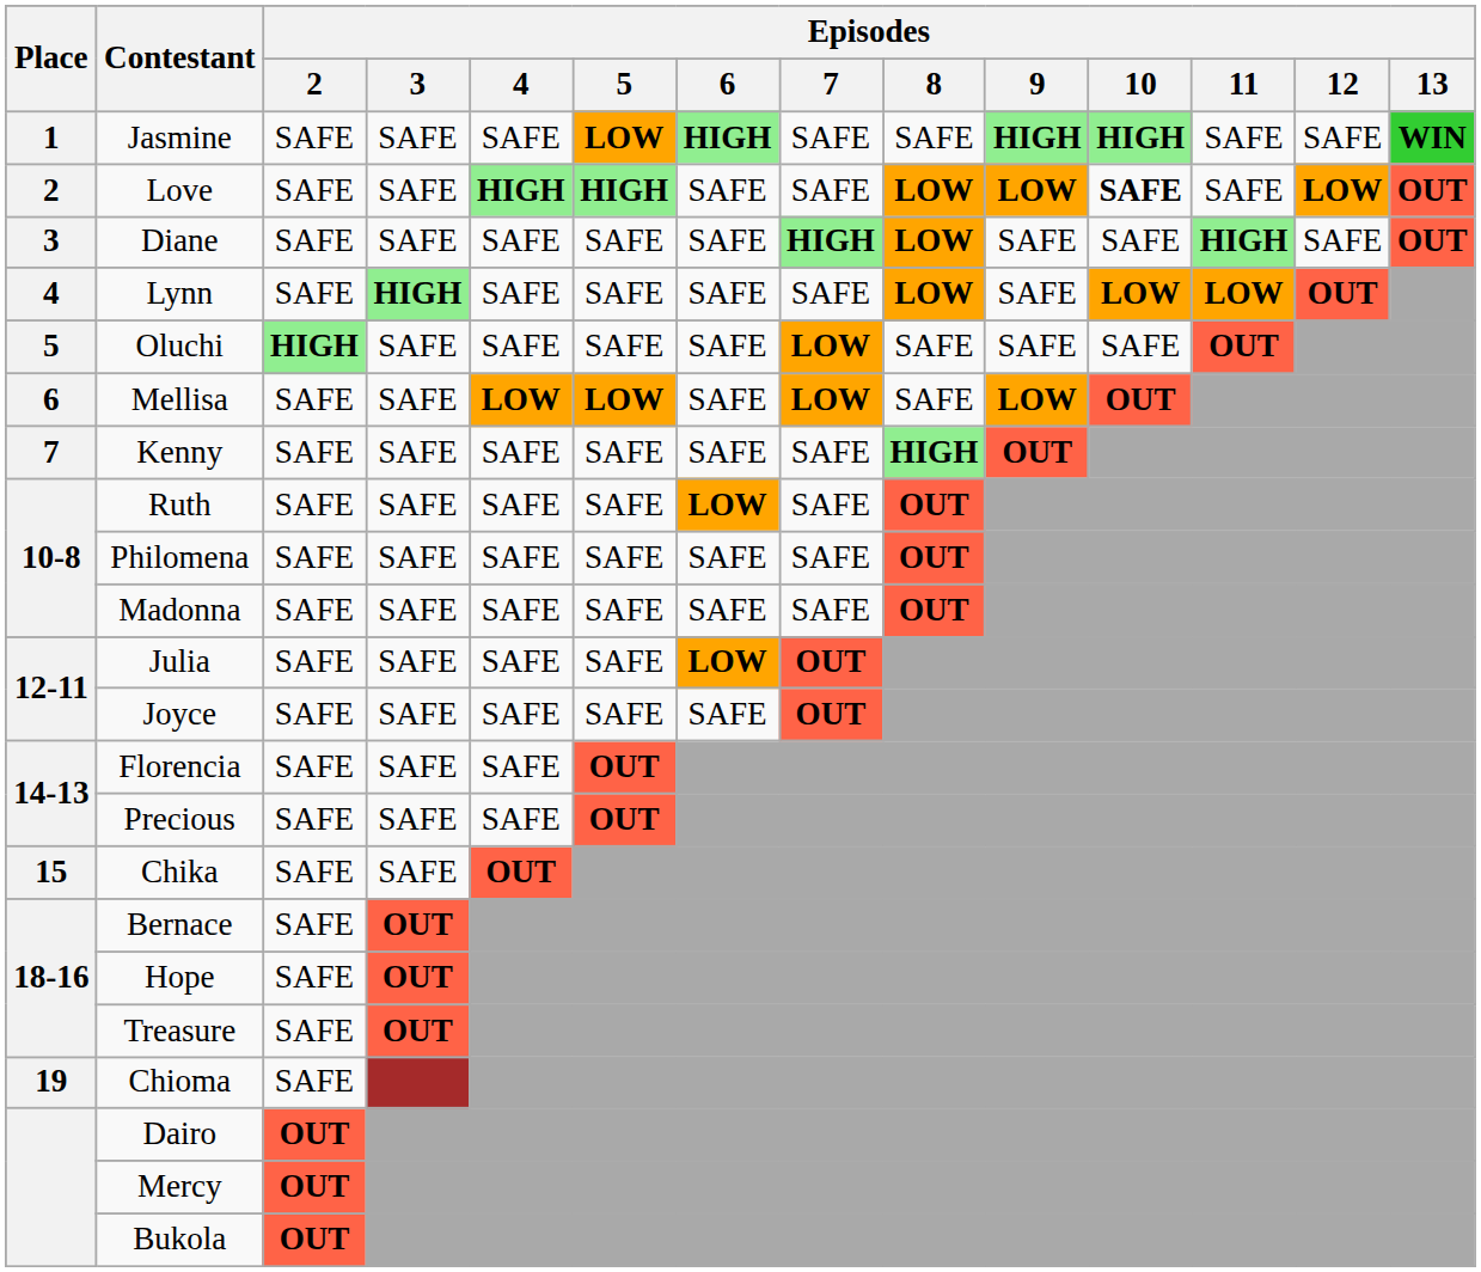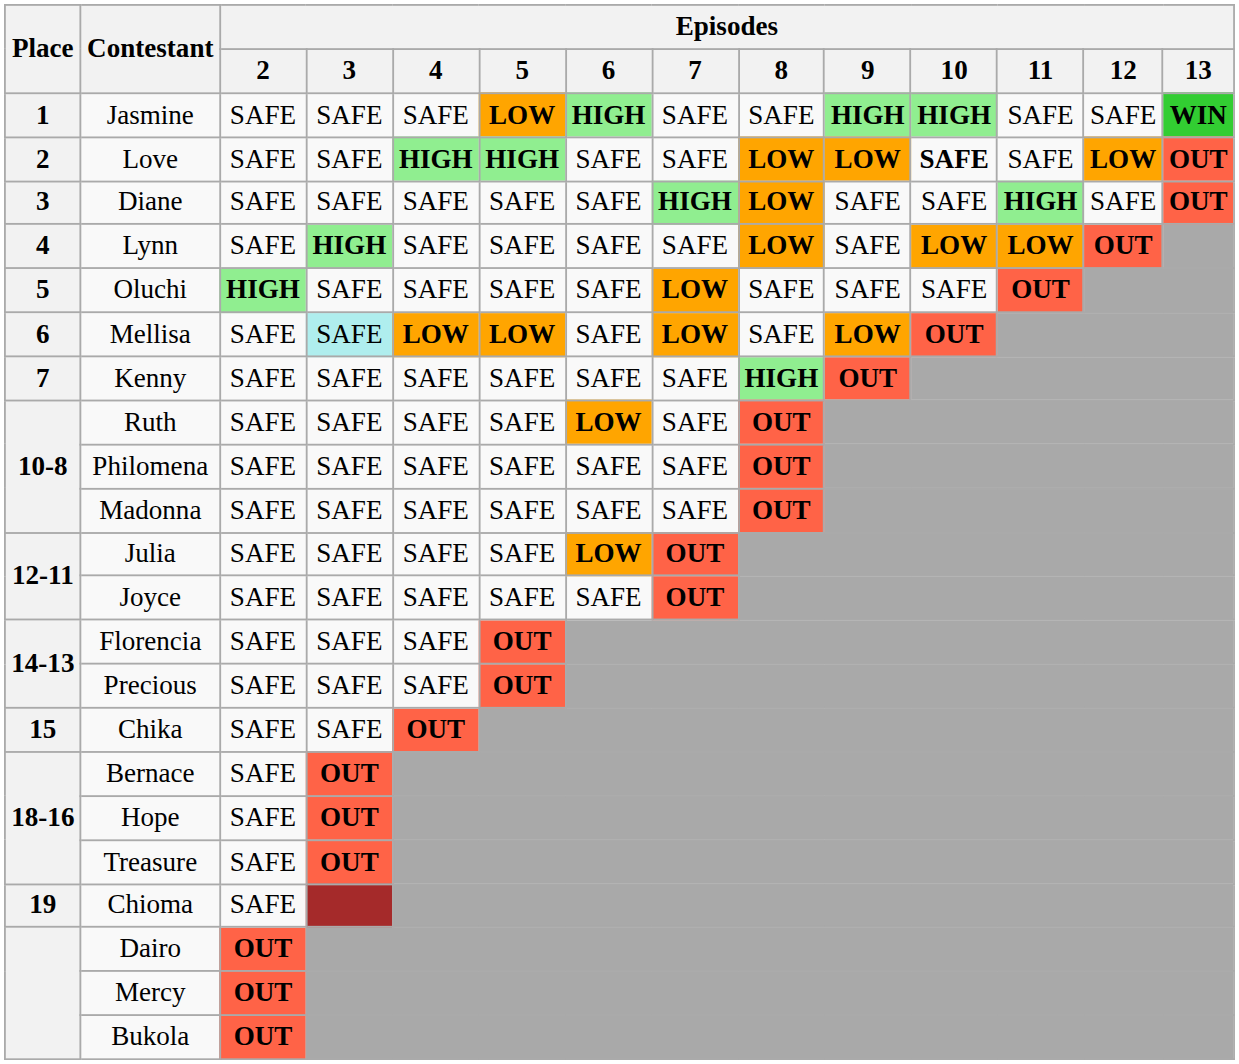 <table class="wikitable" style="text-align:center; font-size:92%">
 <tr>
 <th rowspan="2">Place</th>
 <th rowspan="2">Contestant</th>
 <th colspan="20">Episodes</th>
 </tr>
 <tr>
 <th>2</th>
 <th>3</th>
 <th>4</th>
 <th>5</th>
 <th>6</th>
 <th>7</th>
 <th>8</th>
 <th>9</th>
 <th>10</th>
 <th>11</th>
 <th>12</th>
 <th>13</th>
 </tr>
 <tr>
 <th>1</th>
 <td>Jasmine</td>
 <td>SAFE</td>
 <td>SAFE</td>
 <td>SAFE</td>
 <td style="background:orange;"><strong>LOW</strong></td>
 <td style="background:lightgreen;"><span><strong>HIGH</strong></span></td>
 <td>SAFE</td>
 <td>SAFE</td>
 <td style="background:lightgreen;"><span><strong>HIGH</strong></span></td>
 <td style="background:lightgreen;"><span><strong>HIGH</strong></span></td>
 <td>SAFE</td>
 <td>SAFE</td>
 <td style="background:limegreen;"><strong>WIN</strong></td>
 </tr>
 <tr>
 <th>2</th>
 <td>Love</td>
 <td>SAFE</td>
 <td>SAFE</td>
 <td style="background:lightgreen;"><span><strong>HIGH</strong></span></td>
 <td style="background:lightgreen;"><span><strong>HIGH</strong></span></td>
 <td>SAFE</td>
 <td>SAFE</td>
 <td style="background:orange;"><strong>LOW</strong></td>
 <td style="background:orange;"><strong>LOW</strong></td>
 <td><strong>SAFE</strong></td>
 <td>SAFE</td>
 <td style="background:orange;"><strong>LOW</strong></td>
 <td style="background:tomato;"><strong>OUT</strong></td>
 </tr>
 <tr>
 <th>3</th>
 <td>Diane</td>
 <td>SAFE</td>
 <td>SAFE</td>
 <td>SAFE</td>
 <td>SAFE</td>
 <td>SAFE</td>
 <td style="background:lightgreen;"><span><strong>HIGH</strong></span></td>
 <td style="background:orange;"><strong>LOW</strong></td>
 <td>SAFE</td>
 <td>SAFE</td>
 <td style="background:lightgreen;"><span><strong>HIGH</strong></span></td>
 <td>SAFE</td>
 <td style="background:tomato;"><strong>OUT</strong></td>
 </tr>
 <tr>
 <th>4</th>
 <td>Lynn</td>
 <td>SAFE</td>
 <td style="background:lightgreen;"><span><strong>HIGH</strong></span></td>
 <td>SAFE</td>
 <td>SAFE</td>
 <td>SAFE</td>
 <td>SAFE</td>
 <td style="background:orange;"><strong>LOW</strong></td>
 <td>SAFE</td>
 <td style="background:orange;"><strong>LOW</strong></td>
 <td style="background:orange;"><strong>LOW</strong></td>
 <td style="background:tomato;"><strong>OUT</strong></td>
 <td colspan="1" style="background:darkgrey"></td>
 </tr>
 <tr>
 <th>5</th>
 <td>Oluchi</td>
 <td style="background:lightgreen;"><span><strong>HIGH</strong></span></td>
 <td>SAFE</td>
 <td>SAFE</td>
 <td>SAFE</td>
 <td>SAFE</td>
 <td style="background:orange;"><strong>LOW</strong></td>
 <td>SAFE</td>
 <td>SAFE</td>
 <td>SAFE</td>
 <td style="background:tomato;"><strong>OUT</strong></td>
 <td colspan="2" style="background:darkgrey"></td>
 </tr>
 <tr>
 <th>6</th>
 <td>Mellisa</td>
 <td>SAFE</td>
-<td>SAFE</td>
+<td style="background: paleturquoise;">SAFE</td>
 <td style="background:orange;"><strong>LOW</strong></td>
 <td style="background:orange;"><strong>LOW</strong></td>
 <td>SAFE</td>
 <td style="background:orange;"><strong>LOW</strong></td>
 <td>SAFE</td>
 <td style="background:orange;"><strong>LOW</strong></td>
 <td style="background:tomato;"><strong>OUT</strong></td>
 <td colspan="3" style="background:darkgrey"></td>
 </tr>
 <tr>
 <th>7</th>
 <td>Kenny</td>
 <td>SAFE</td>
 <td>SAFE</td>
 <td>SAFE</td>
 <td>SAFE</td>
 <td>SAFE</td>
 <td>SAFE</td>
 <td style="background:lightgreen;"><span><strong>HIGH</strong></span></td>
 <td style="background:tomato;"><strong>OUT</strong></td>
 <td colspan="4" style="background:darkgrey"></td>
 </tr>
 <tr>
 <th rowspan=3>10-8</th>
 <td>Ruth</td>
 <td>SAFE</td>
 <td>SAFE</td>
 <td>SAFE</td>
 <td>SAFE</td>
 <td style="background:orange;"><strong>LOW</strong></td>
 <td>SAFE</td>
 <td style="background:tomato;"><strong>OUT</strong></td>
 <td colspan="5" style="background:darkgrey"></td>
 </tr>
 <tr>
 <td>Philomena</td>
 <td>SAFE</td>
 <td>SAFE</td>
 <td>SAFE</td>
 <td>SAFE</td>
 <td>SAFE</td>
 <td>SAFE</td>
 <td style="background:tomato;"><strong>OUT</strong></td>
 <td colspan="5" style="background:darkgrey"></td>
 </tr>
 <tr>
 <td>Madonna</td>
 <td>SAFE</td>
 <td>SAFE</td>
 <td>SAFE</td>
 <td>SAFE</td>
 <td>SAFE</td>
 <td>SAFE</td>
 <td style="background:tomato;"><strong>OUT</strong></td>
 <td colspan="5" style="background:darkgrey"></td>
 </tr>
 <tr>
 <th rowspan=2>12-11</th>
 <td>Julia</td>
 <td>SAFE</td>
 <td>SAFE</td>
 <td>SAFE</td>
 <td>SAFE</td>
 <td style="background:orange;"><strong>LOW</strong></td>
 <td style="background:tomato;"><strong>OUT</strong></td>
 <td colspan="6" style="background:darkgrey"></td>
 </tr>
 <tr>
 <td>Joyce</td>
 <td>SAFE</td>
 <td>SAFE</td>
 <td>SAFE</td>
 <td>SAFE</td>
 <td>SAFE</td>
 <td style="background:tomato;"><strong>OUT</strong></td>
 <td colspan="6" style="background:darkgrey"></td>
 </tr>
 <tr>
 <th rowspan=2>14-13</th>
 <td>Florencia</td>
 <td>SAFE</td>
 <td>SAFE</td>
 <td>SAFE</td>
 <td style="background:tomato;"><strong>OUT</strong></td>
 <td colspan="8" style="background:darkgrey"></td>
 </tr>
 <tr>
 <td>Precious</td>
 <td>SAFE</td>
 <td>SAFE</td>
 <td>SAFE</td>
 <td style="background:tomato;"><strong>OUT</strong></td>
 <td colspan="8" style="background:darkgrey"></td>
 </tr>
 <tr>
 <th>15</th>
 <td>Chika</td>
 <td>SAFE</td>
 <td>SAFE</td>
 <td style="background:tomato;"><strong>OUT</strong></td>
 <td colspan="9" style="background:darkgrey"></td>
 </tr>
 <tr>
 <th rowspan=3>18-16</th>
 <td>Bernace</td>
 <td>SAFE</td>
 <td style="background:tomato;"><strong>OUT</strong></td>
 <td colspan="10" style="background:darkgrey"></td>
 </tr>
 <tr>
 <td>Hope</td>
 <td>SAFE</td>
 <td style="background:tomato;"><strong>OUT</strong></td>
 <td colspan="10" style="background:darkgrey"></td>
 </tr>
 <tr>
 <td>Treasure</td>
 <td>SAFE</td>
 <td style="background:tomato;"><strong>OUT</strong></td>
 <td colspan="10" style="background:darkgrey"></td>
 </tr>
 <tr>
 <th>19</th>
 <td>Chioma</td>
 <td>SAFE</td>
 <td style="background:brown;"></td>
 <td colspan="10" style="background:darkgrey"></td>
 </tr>
 <tr>
 <th rowspan="3"></th>
 <td>Dairo</td>
 <td style="background:tomato;"><strong>OUT</strong></td>
 <td colspan="11" style="background:darkgrey"></td>
 </tr>
 <tr>
 <td>Mercy</td>
 <td style="background:tomato;"><strong>OUT</strong></td>
 <td colspan="11" style="background:darkgrey"></td>
 </tr>
 <tr>
 <td>Bukola</td>
 <td style="background:tomato;"><strong>OUT</strong></td>
 <td colspan="11" style="background:darkgrey"></td>
 </tr>
 </table>
